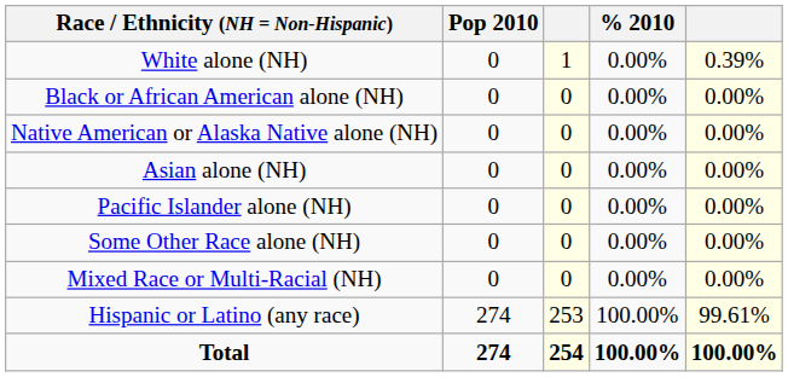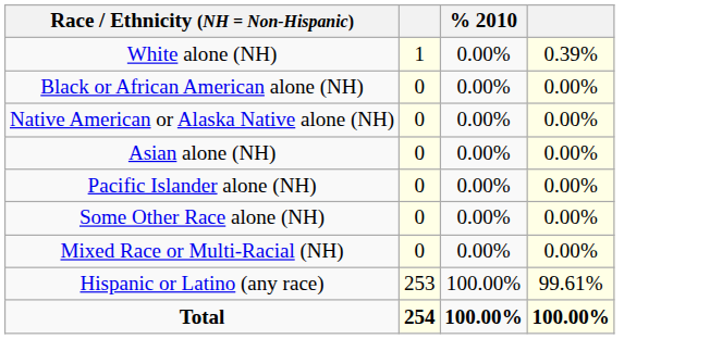 <table class="wikitable" style="text-align:center;">
 <tr>
 <th>Race / Ethnicity <small>(<em>NH = Non-Hispanic</em>)</small></th>
-<th>Pop 2010</th>
 <th></th>
 <th>% 2010</th>
 <th></th>
 </tr>
 <tr>
 <td><a href='#'>White</a> alone (NH)</td>
-<td>0</td>
 <td style='background: #ffffe6;'>1</td>
 <td>0.00%</td>
 <td style='background: #ffffe6;'>0.39%</td>
 </tr>
 <tr>
 <td><a href='#'>Black or African American</a> alone (NH)</td>
-<td>0</td>
 <td style='background: #ffffe6;'>0</td>
 <td>0.00%</td>
 <td style='background: #ffffe6;'>0.00%</td>
 </tr>
 <tr>
 <td><a href='#'>Native American</a> or <a href='#'>Alaska Native</a> alone (NH)</td>
-<td>0</td>
 <td style='background: #ffffe6;'>0</td>
 <td>0.00%</td>
 <td style='background: #ffffe6;'>0.00%</td>
 </tr>
 <tr>
 <td><a href='#'>Asian</a> alone (NH)</td>
-<td>0</td>
 <td style='background: #ffffe6;'>0</td>
 <td>0.00%</td>
 <td style='background: #ffffe6;'>0.00%</td>
 </tr>
 <tr>
 <td><a href='#'>Pacific Islander</a> alone (NH)</td>
-<td>0</td>
 <td style='background: #ffffe6;'>0</td>
 <td>0.00%</td>
 <td style='background: #ffffe6;'>0.00%</td>
 </tr>
 <tr>
 <td><a href='#'>Some Other Race</a> alone (NH)</td>
-<td>0</td>
 <td style='background: #ffffe6;'>0</td>
 <td>0.00%</td>
 <td style='background: #ffffe6;'>0.00%</td>
 </tr>
 <tr>
 <td><a href='#'>Mixed Race or Multi-Racial</a> (NH)</td>
-<td>0</td>
 <td style='background: #ffffe6;'>0</td>
 <td>0.00%</td>
 <td style='background: #ffffe6;'>0.00%</td>
 </tr>
 <tr>
 <td><a href='#'>Hispanic or Latino</a> (any race)</td>
-<td>274</td>
 <td style='background: #ffffe6;'>253</td>
 <td>100.00%</td>
 <td style='background: #ffffe6;'>99.61%</td>
 </tr>
 <tr>
 <td><strong>Total</strong></td>
-<td><strong>274</strong></td>
 <td style='background: #ffffe6;'><strong>254</strong></td>
 <td><strong>100.00%</strong></td>
 <td style='background: #ffffe6;'><strong>100.00%</strong></td>
 </tr>
 </table>
